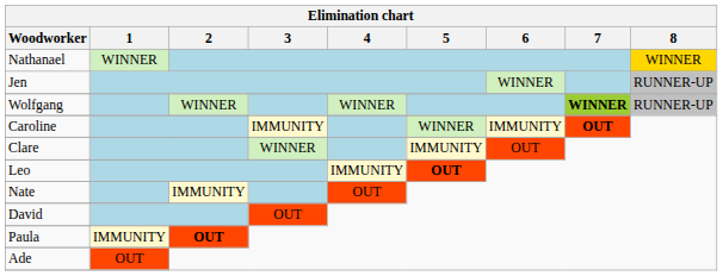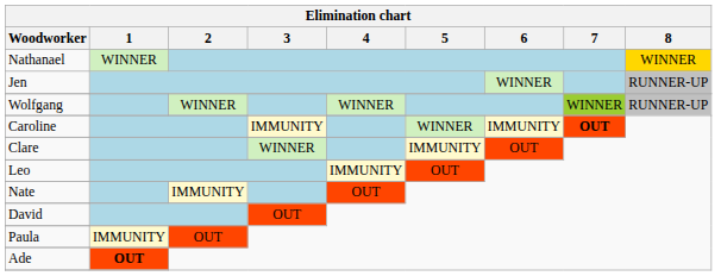 <table class="wikitable" style="text-align:center">
 <tr>
 <th ! colspan="10">Elimination chart</th>
 </tr>
 <tr>
 <th>Woodworker</th>
 <th>1</th>
 <th>2</th>
 <th>3</th>
 <th>4</th>
 <th>5</th>
 <th>6</th>
 <th>7</th>
 <th>8</th>
 </tr>
 <tr>
 <td align="left">Nathanael</td>
 <td style="background:#d0f0c0;">WINNER</td>
 <td colspan="6" style="background:Lightblue;"></td>
 <td style="background:gold;">WINNER</td>
 </tr>
 <tr>
 <td align="left">Jen</td>
 <td colspan="5" style="background:Lightblue;"></td>
 <td style="background:#d0f0c0;">WINNER</td>
 <td style="background:Lightblue;"></td>
 <td style="background:silver;">RUNNER-UP</td>
 </tr>
 <tr>
 </tr>
 <tr>
 </tr>
 <tr>
 </tr>
 <tr>
 <td align="left">Wolfgang</td>
 <td style="background:Lightblue;"></td>
 <td style="background:#d0f0c0;">WINNER</td>
 <td style="background:Lightblue;"></td>
 <td style="background:#d0f0c0;">WINNER</td>
 <td colspan="2" style="background:Lightblue;"></td>
-<td style="background:#9ACD32;"><strong>WINNER</strong></td>
+<td style="background:#9ACD32;">WINNER</td>
 <td style="background:silver;">RUNNER-UP</td>
 </tr>
 <tr>
 </tr>
 <tr>
 <td align="left">Caroline</td>
 <td colspan="2" style="background:Lightblue;"></td>
 <td style="background:LemonChiffon;">IMMUNITY</td>
 <td style="background:Lightblue;"></td>
 <td style="background:#d0f0c0;">WINNER</td>
 <td style="background:LemonChiffon;">IMMUNITY</td>
 <td style="background:orangered;"><strong>OUT</strong></td>
 </tr>
 <tr>
 </tr>
 <tr>
 </tr>
 <tr>
 <td align="left">Clare</td>
 <td colspan="2"  style="background:Lightblue;"></td>
 <td style="background:#d0f0c0;">WINNER</td>
 <td style="background:Lightblue;"></td>
 <td style="background:LemonChiffon;">IMMUNITY</td>
 <td style="background:orangered;">OUT</td>
 </tr>
 <tr>
 </tr>
 <tr>
 </tr>
 <tr>
 </tr>
 <tr>
 <td align="left">Leo</td>
 <td colspan="3" style="background:Lightblue;"></td>
 <td style="background:LemonChiffon;">IMMUNITY</td>
-<td style="background:orangered;"><strong>OUT</strong></td>
+<td style="background:orangered;">OUT</td>
 </tr>
 <tr>
 </tr>
 <tr>
 </tr>
 <tr>
 </tr>
 <tr>
 <td align="left">Nate</td>
 <td style="background:Lightblue;"></td>
 <td style="background:LemonChiffon;">IMMUNITY</td>
 <td style="background:Lightblue;"></td>
 <td style="background:orangered;">OUT</td>
 </tr>
 <tr>
 </tr>
 <tr>
 </tr>
 <tr>
 </tr>
 <tr>
 </tr>
 <tr>
 </tr>
 <tr>
 <td align="left">David</td>
 <td colspan="2" style="background:Lightblue;"></td>
 <td style="background:orangered;">OUT</td>
 </tr>
 <tr>
 </tr>
 <tr>
 </tr>
 <tr>
 </tr>
 <tr>
 </tr>
 <tr>
 </tr>
 <tr>
 <td align="left">Paula</td>
 <td style="background:LemonChiffon;">IMMUNITY</td>
-<td style="background:orangered;"><strong>OUT</strong></td>
+<td style="background:orangered;">OUT</td>
 </tr>
 <tr>
 </tr>
 <tr>
 </tr>
 <tr>
 </tr>
 <tr>
 </tr>
 <tr>
 </tr>
 <tr>
 </tr>
 <tr>
 <td align="left">Ade</td>
-<td style="background:orangered;">OUT</td>
+<td style="background:orangered;"><strong>OUT</strong></td>
 </tr>
 <tr>
 </tr>
 <tr>
 </tr>
 <tr>
 </tr>
 <tr>
 </tr>
 <tr>
 </tr>
 <tr>
 </tr>
 <tr>
 </tr>
 <tr>
 </tr>
 </table>
